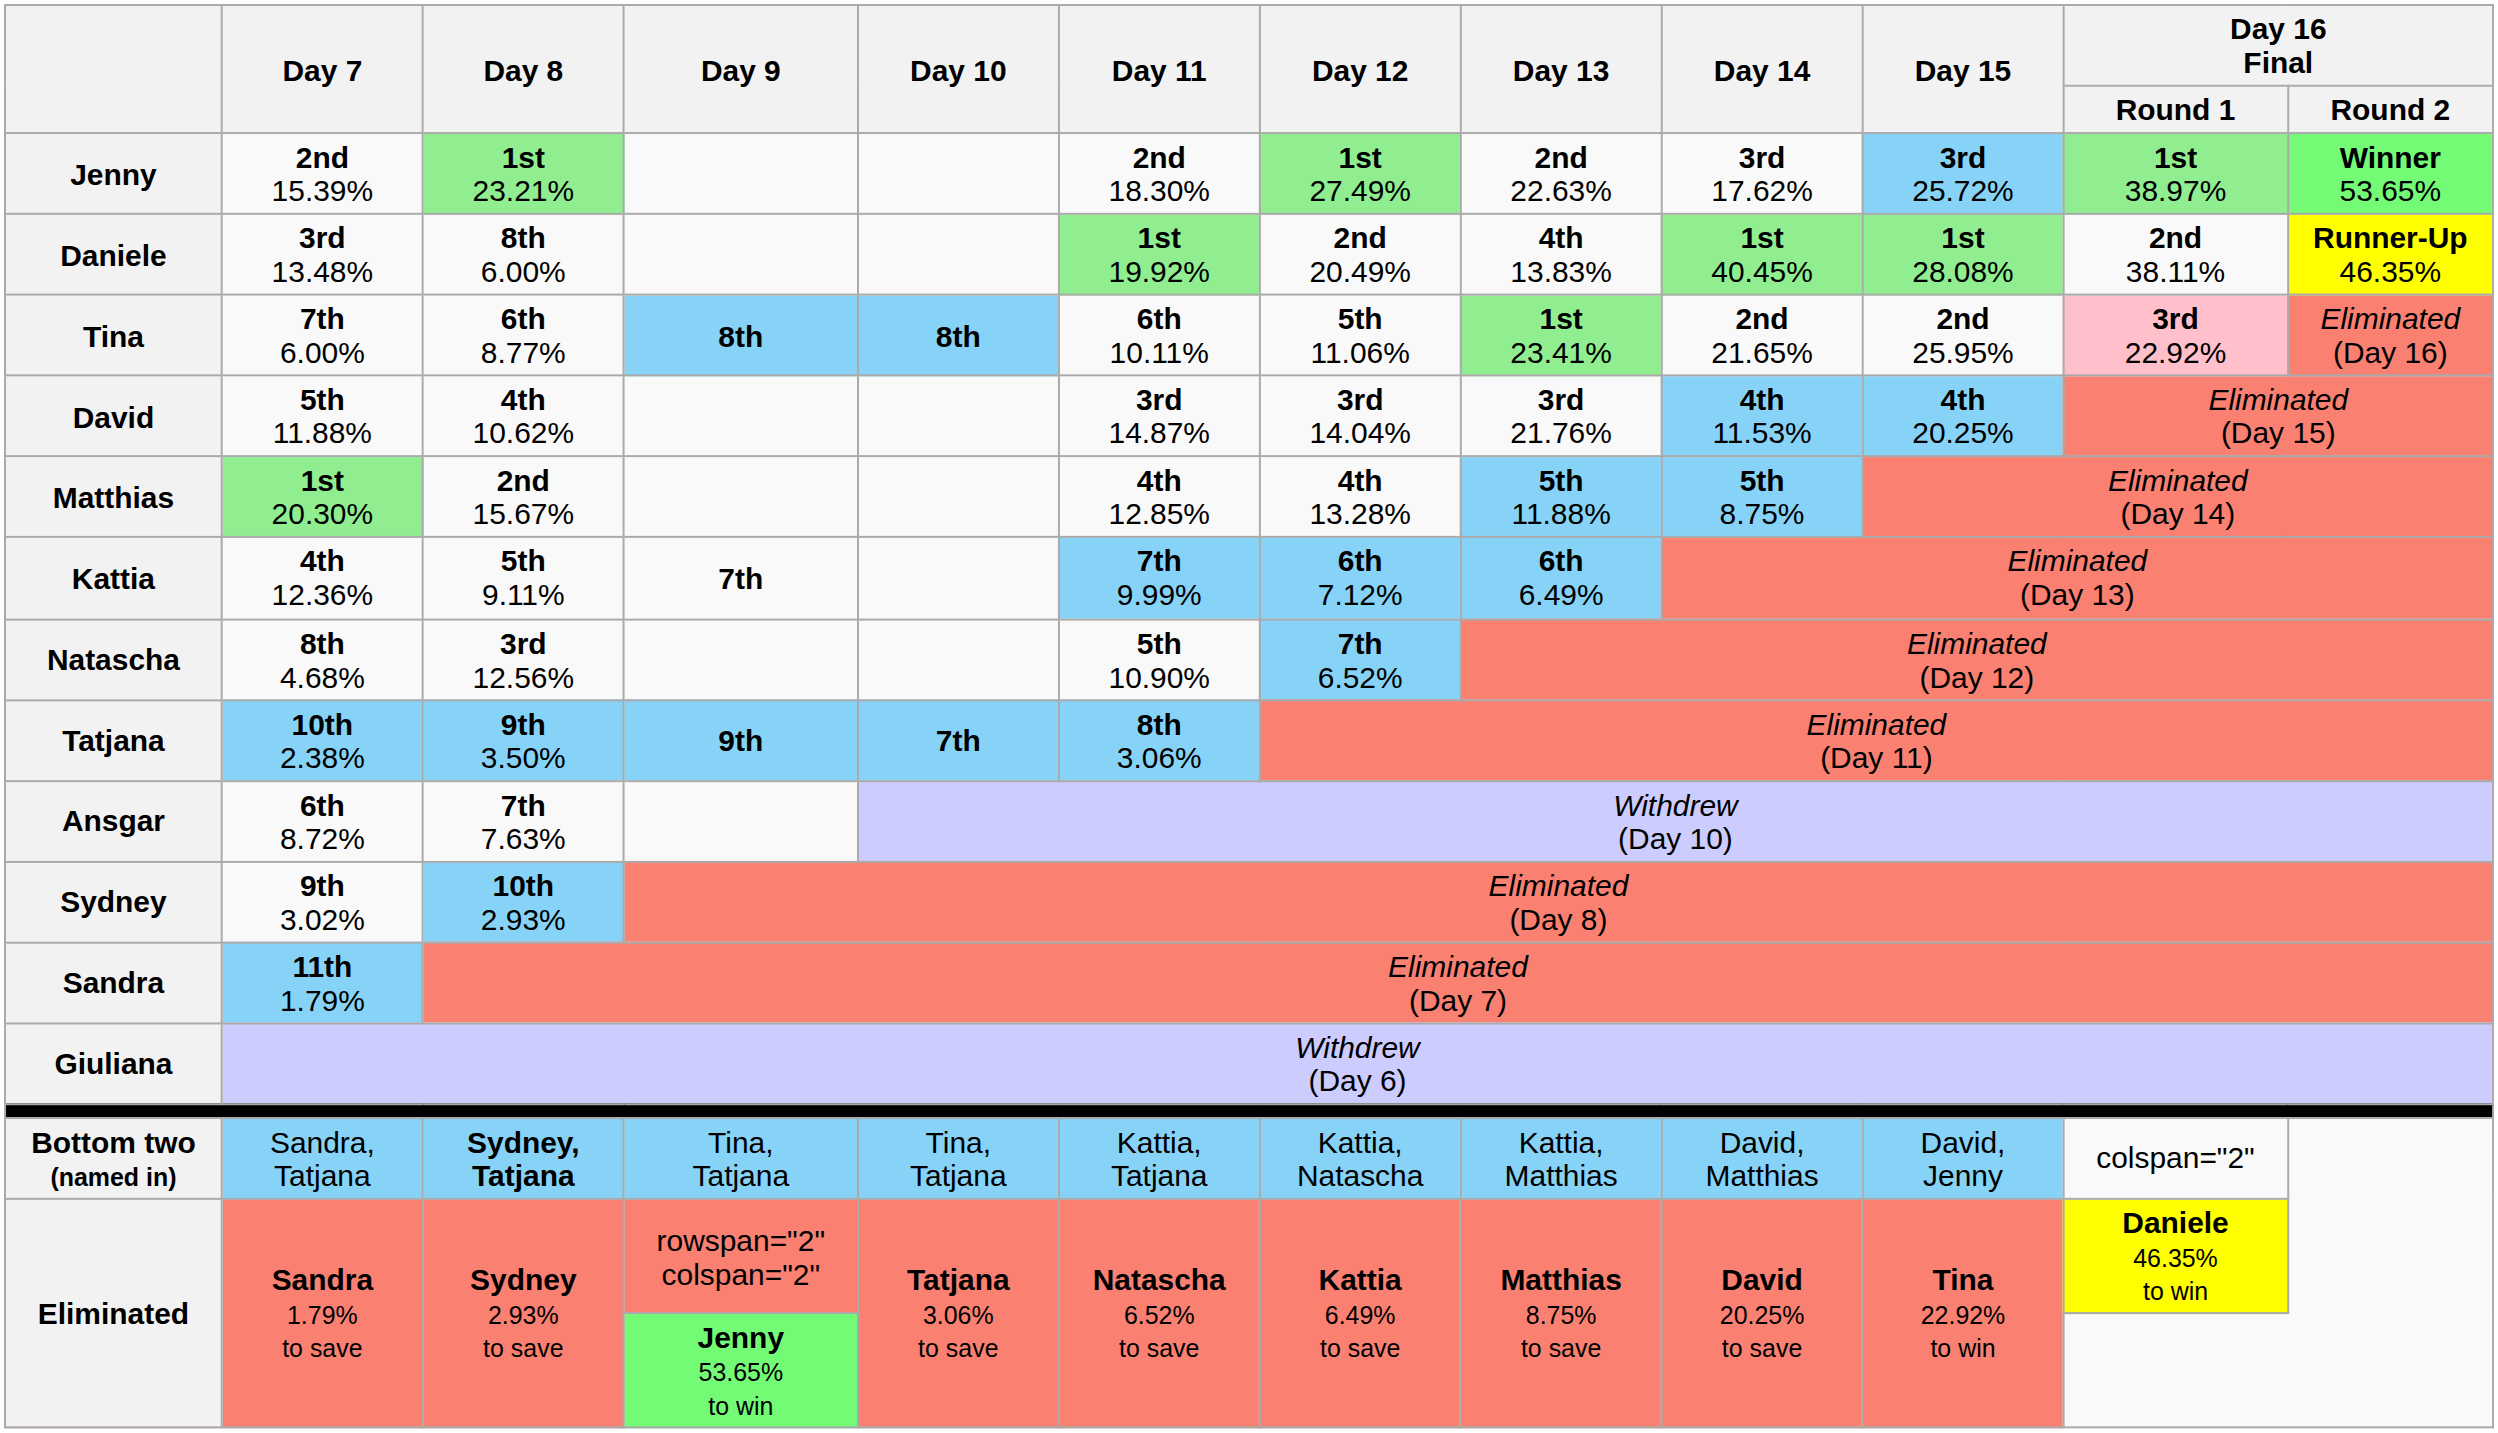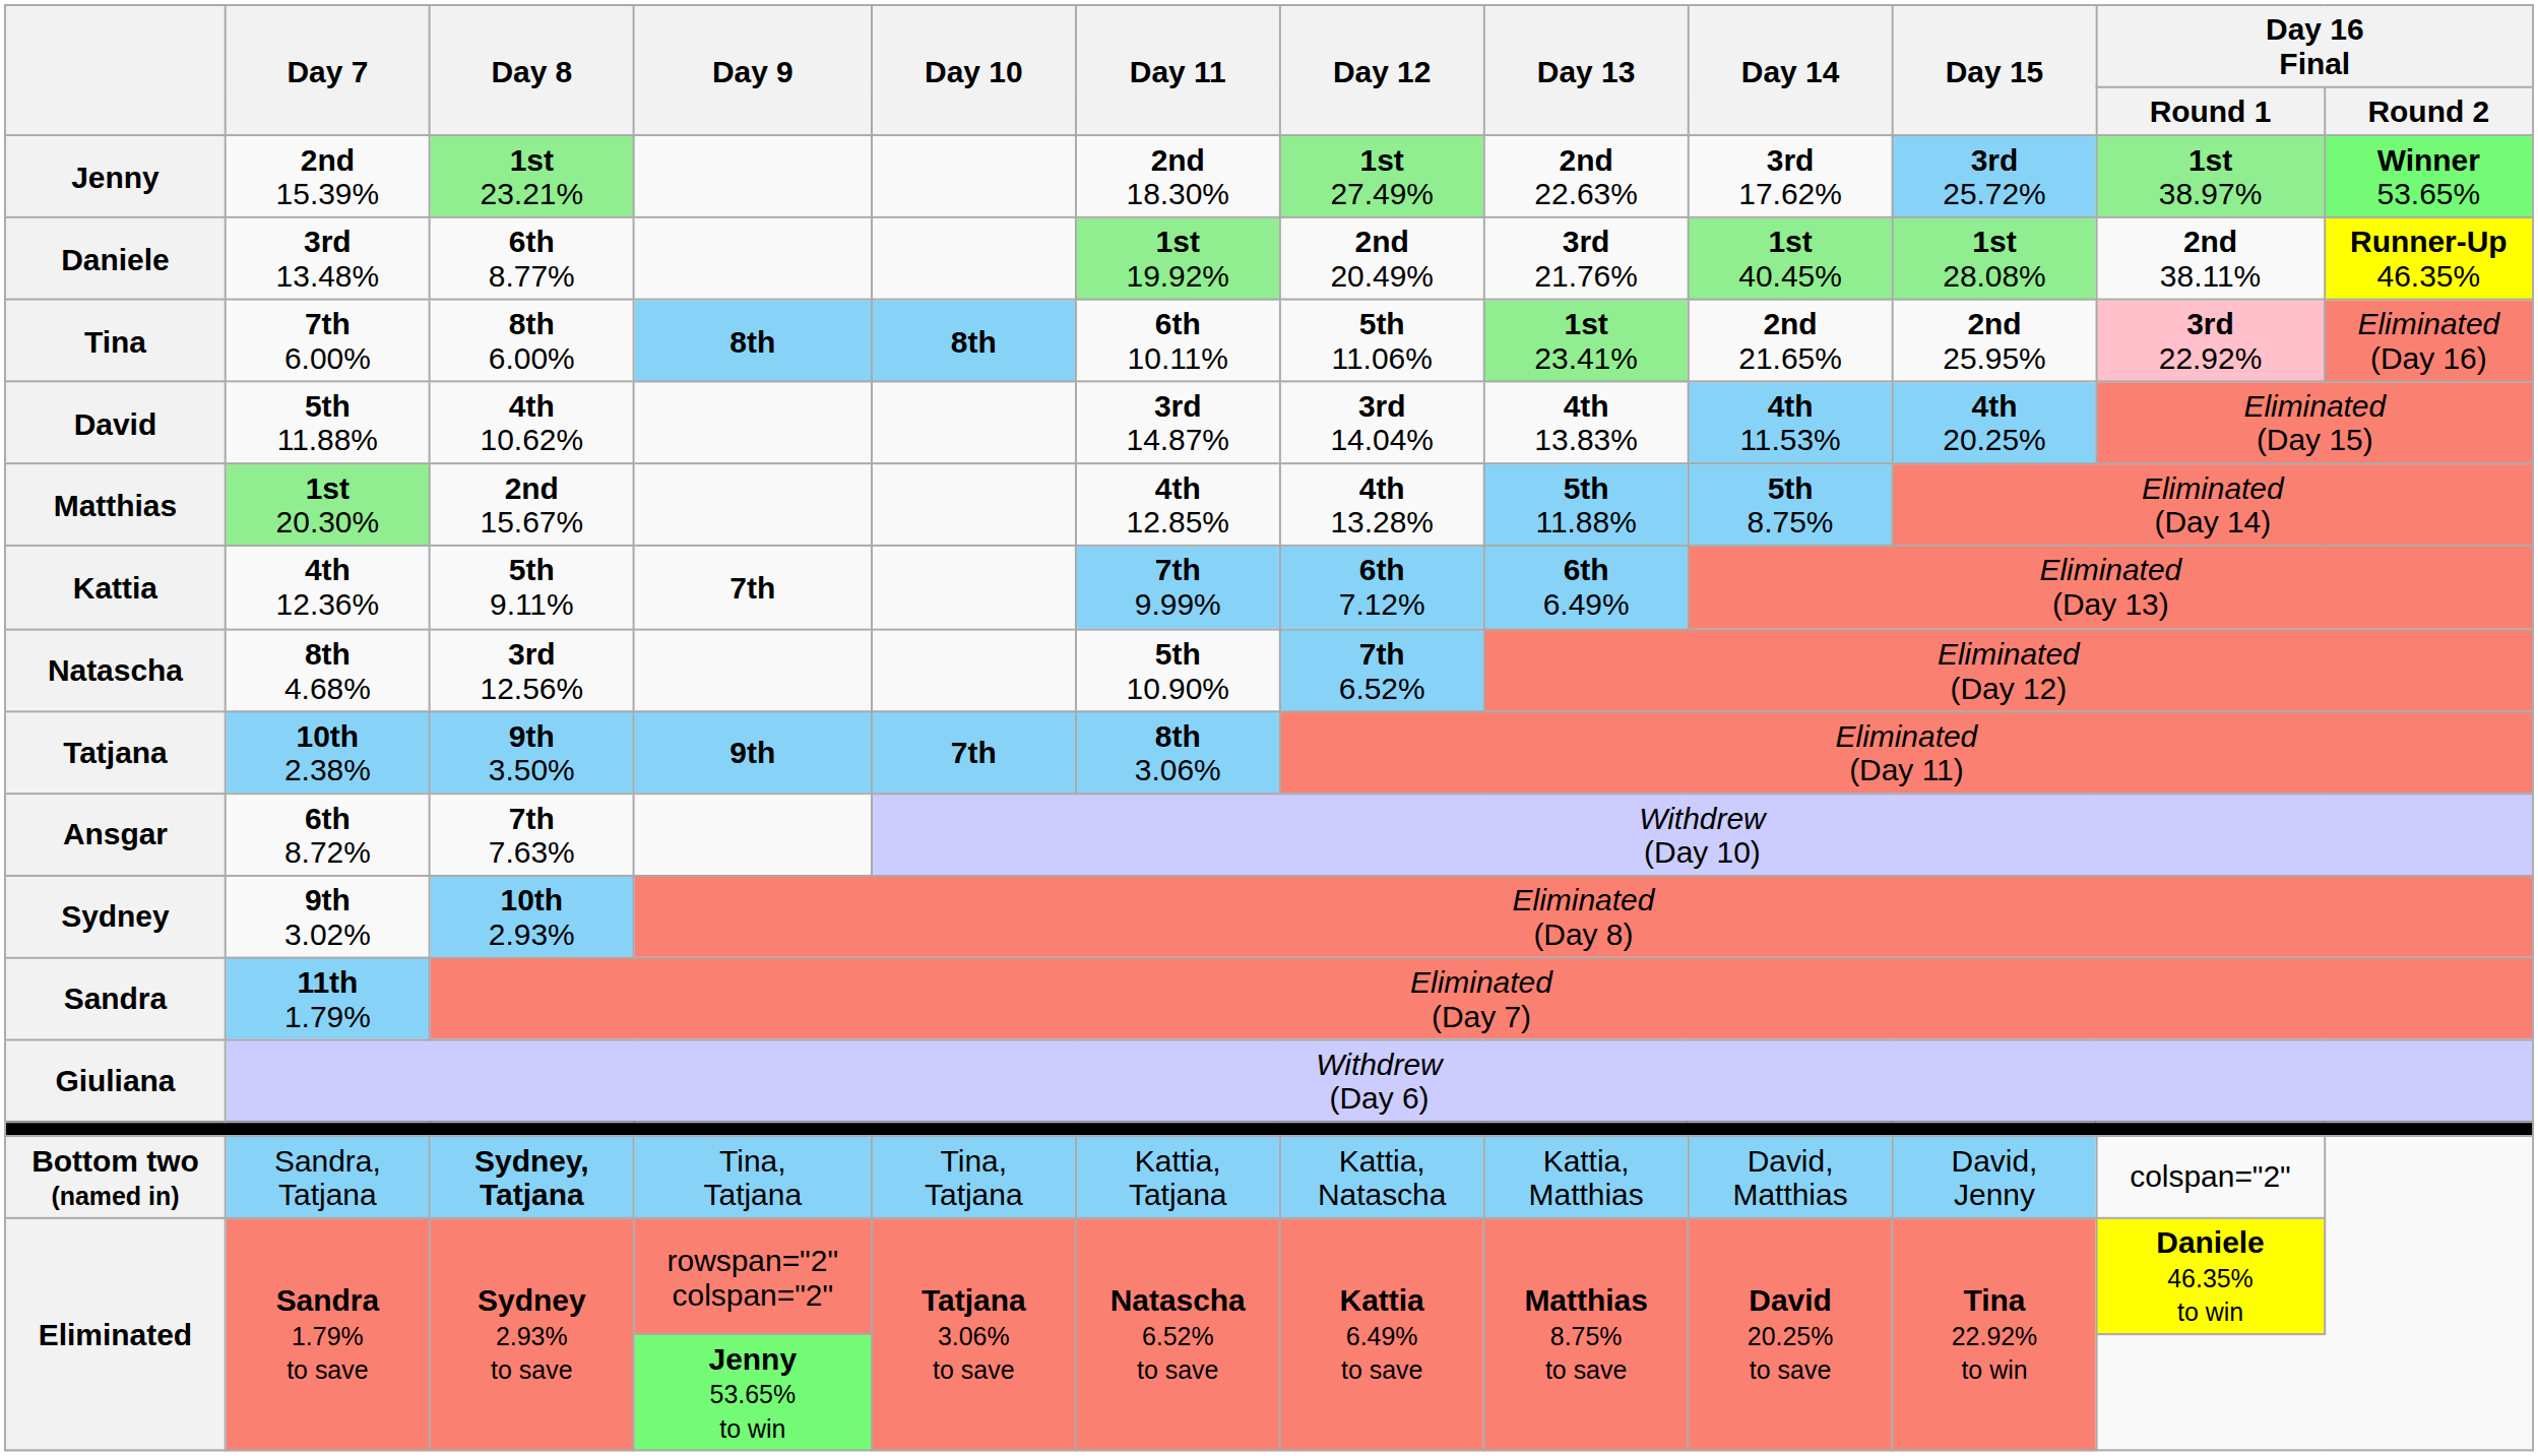 <table class="wikitable" style="text-align:center; font-size:95%; width:100%;">
 <tr>
 <th style="width:6%" rowspan="2"></th>
 <th style="width:6%" rowspan="2">Day 7</th>
 <th style="width:6%" rowspan="2">Day 8</th>
 <th style="width:6%" rowspan="2">Day 9</th>
 <th style="width:6%" rowspan="2">Day 10</th>
 <th style="width:6%" rowspan="2">Day 11</th>
 <th style="width:6%" rowspan="2">Day 12</th>
 <th style="width:6%" rowspan="2">Day 13</th>
 <th style="width:6%" rowspan="2">Day 14</th>
 <th style="width:6%" rowspan="2">Day 15</th>
 <th style="width:6%" colspan="2">Day 16<br>Final</th>
 </tr>
 <tr>
 <th style="width:6%">Round 1</th>
 <th style="width:6%">Round 2</th>
 </tr>
 <tr>
 <th>Jenny</th>
 <td><strong>2nd</strong><br>15.39%</td>
 <td style="background:lightgreen;"><strong>1st</strong><br>23.21%</td>
 <td></td>
 <td></td>
 <td><strong>2nd</strong><br>18.30%</td>
 <td style="background:lightgreen;"><strong>1st</strong><br>27.49%</td>
 <td><strong>2nd</strong><br>22.63%</td>
 <td><strong>3rd</strong><br>17.62%</td>
 <td style="background:#87D3F8;"><strong>3rd</strong><br>25.72%</td>
 <td style="background:lightgreen;"><strong>1st</strong><br>38.97%</td>
 <td style="background:#73FB76;"><strong>Winner</strong><br>53.65%</td>
 </tr>
 <tr>
 <th>Daniele</th>
 <td><strong>3rd</strong><br>13.48%</td>
-<td><strong>8th</strong><br>6.00%</td>
+<td><strong>6th</strong><br>8.77%</td>
 <td></td>
 <td></td>
 <td style="background:lightgreen;"><strong>1st</strong><br>19.92%</td>
 <td><strong>2nd</strong><br>20.49%</td>
-<td><strong>4th</strong><br>13.83%</td>
+<td><strong>3rd</strong><br>21.76%</td>
 <td style="background:lightgreen;"><strong>1st</strong><br>40.45%</td>
 <td style="background:lightgreen;"><strong>1st</strong><br>28.08%</td>
 <td><strong>2nd</strong><br>38.11%</td>
 <td style="background:yellow;"><strong>Runner-Up</strong><br>46.35%</td>
 </tr>
 <tr>
 <th>Tina</th>
 <td><strong>7th</strong><br>6.00%</td>
-<td><strong>6th</strong><br>8.77%</td>
+<td><strong>8th</strong><br>6.00%</td>
 <td style="background:#87D3F8;"><strong>8th</strong></td>
 <td style="background:#87D3F8;"><strong>8th</strong></td>
 <td><strong>6th</strong><br>10.11%</td>
 <td><strong>5th</strong><br>11.06%</td>
 <td style="background:lightgreen;"><strong>1st</strong><br>23.41%</td>
 <td><strong>2nd</strong><br>21.65%</td>
 <td><strong>2nd</strong><br>25.95%</td>
 <td style="background:pink;"><strong>3rd</strong><br>22.92%</td>
 <td style="background:salmon;" colspan=1><em>Eliminated</em><br>(Day 16)</td>
 </tr>
 <tr>
 <th>David</th>
 <td><strong>5th</strong><br>11.88%</td>
 <td><strong>4th</strong><br>10.62%</td>
 <td></td>
 <td></td>
 <td><strong>3rd</strong><br>14.87%</td>
 <td><strong>3rd</strong><br>14.04%</td>
-<td><strong>3rd</strong><br>21.76%</td>
+<td><strong>4th</strong><br>13.83%</td>
 <td style="background:#87D3F8;"><strong>4th</strong><br>11.53%</td>
 <td style="background:#87D3F8;"><strong>4th</strong><br>20.25%</td>
 <td style="background:salmon;" colspan=2><em>Eliminated</em><br>(Day 15)</td>
 </tr>
 <tr>
 <th>Matthias</th>
 <td style="background:lightgreen;"><strong>1st</strong><br>20.30%</td>
 <td><strong>2nd</strong><br>15.67%</td>
 <td></td>
 <td></td>
 <td><strong>4th</strong><br>12.85%</td>
 <td><strong>4th</strong><br>13.28%</td>
 <td style="background:#87D3F8;"><strong>5th</strong><br>11.88%</td>
 <td style="background:#87D3F8;"><strong>5th</strong><br>8.75%</td>
 <td style="background:salmon;" colspan=3><em>Eliminated</em><br>(Day 14)</td>
 </tr>
 <tr>
 <th>Kattia</th>
 <td><strong>4th</strong><br>12.36%</td>
 <td><strong>5th</strong><br>9.11%</td>
 <td><strong>7th</strong></td>
 <td></td>
 <td style="background:#87D3F8;"><strong>7th</strong><br>9.99%</td>
 <td style="background:#87D3F8;"><strong>6th</strong><br>7.12%</td>
 <td style="background:#87D3F8;"><strong>6th</strong><br>6.49%</td>
 <td style="background:salmon;" colspan=4><em>Eliminated</em><br>(Day 13)</td>
 </tr>
 <tr>
 <th>Natascha</th>
 <td><strong>8th</strong><br>4.68%</td>
 <td><strong>3rd</strong><br>12.56%</td>
 <td></td>
 <td></td>
 <td><strong>5th</strong><br>10.90%</td>
 <td style="background:#87D3F8;"><strong>7th</strong><br>6.52%</td>
 <td style="background:salmon;" colspan=9><em>Eliminated</em><br>(Day 12)</td>
 </tr>
 <tr>
 <th>Tatjana</th>
 <td style="background:#87D3F8;"><strong>10th</strong><br>2.38%</td>
 <td style="background:#87D3F8;"><strong>9th</strong><br>3.50%</td>
 <td style="background:#87D3F8;"><strong>9th</strong></td>
 <td style="background:#87D3F8;"><strong>7th</strong></td>
 <td style="background:#87D3F8;"><strong>8th</strong><br>3.06%</td>
 <td style="background:salmon;" colspan=10><em>Eliminated</em><br>(Day 11)</td>
 </tr>
 <tr>
 <th>Ansgar</th>
 <td><strong>6th</strong><br>8.72%</td>
 <td><strong>7th</strong><br>7.63%</td>
 <td></td>
 <td style="background:#ccf;" colspan="8"><em>Withdrew</em><br>(Day 10)</td>
 </tr>
 <tr>
 <th>Sydney</th>
 <td><strong>9th</strong><br>3.02%</td>
 <td style="background:#87D3F8;"><strong>10th</strong><br>2.93%</td>
 <td style="background:salmon;" colspan=9><em>Eliminated</em><br>(Day 8)</td>
 </tr>
 <tr>
 <th>Sandra</th>
 <td style="background:#87D3F8;"><strong>11th</strong><br>1.79%</td>
 <td style="background:salmon;" colspan=10><em>Eliminated</em><br>(Day 7)</td>
 </tr>
 <tr>
 <th>Giuliana</th>
 <td style="background:#ccf;" colspan="12"><em>Withdrew</em><br>(Day 6)</td>
 </tr>
 <tr>
 <td style="background:#000;" colspan="12"></td>
 </tr>
 <tr>
 <th>Bottom two<br><small>(named in)</small></th>
 <td style="background:#87d3f8;">Sandra,<br>Tatjana</td>
 <td style="background:#87d3f8;"><strong>Sydney,<br>Tatjana</strong></td>
 <td style="background:#87d3f8;">Tina,<br>Tatjana</td>
 <td style="background:#87d3f8;">Tina,<br>Tatjana</td>
 <td style="background:#87d3f8;">Kattia,<br>Tatjana</td>
 <td style="background:#87d3f8;">Kattia,<br>Natascha</td>
 <td style="background:#87d3f8;">Kattia,<br>Matthias</td>
 <td style="background:#87d3f8;">David,<br>Matthias</td>
 <td style="background:#87d3f8;">David,<br>Jenny</td>
 <td>colspan="2" </td>
 </tr>
 <tr style="background:salmon;">
 <th rowspan="2">Eliminated</th>
 <td rowspan="2"><strong>Sandra</strong><br><small>1.79%<br>to save</small></td>
 <td rowspan="2"><strong>Sydney</strong><br><small>2.93%<br>to save</small></td>
 <td>rowspan="2" colspan="2" </td>
 <td rowspan="2"><strong>Tatjana</strong><br><small>3.06%<br>to save</small></td>
 <td rowspan="2"><strong>Natascha</strong><br><small>6.52%<br>to save</small></td>
 <td rowspan="2"><strong>Kattia</strong><br><small>6.49%<br>to save</small></td>
 <td rowspan="2"><strong>Matthias</strong><br><small>8.75%<br>to save</small></td>
 <td rowspan="2"><strong>David</strong><br><small>20.25%<br>to save</small></td>
 <td rowspan="2"><strong>Tina</strong><br><small>22.92%<br>to win</small></td>
 <td style="background:yellow"><strong>Daniele</strong><br><small>46.35%<br>to win</small></td>
 </tr>
 <tr>
 <td style="background:#73FB76"><strong>Jenny</strong><br><small>53.65%<br>to win</small></td>
 </tr>
 </table>
